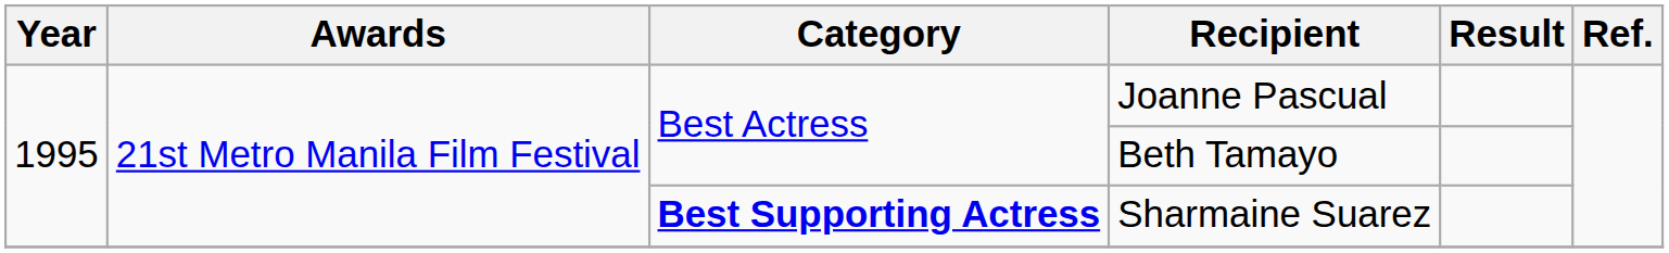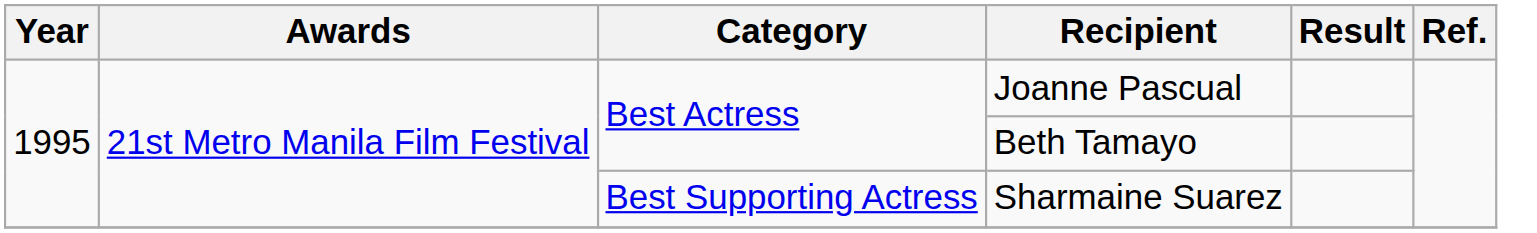 <table class="wikitable">
 <tr>
 <th>Year</th>
 <th>Awards</th>
 <th>Category</th>
 <th>Recipient</th>
 <th>Result</th>
 <th>Ref.</th>
 </tr>
 <tr>
 <td rowspan="3">1995</td>
 <td rowspan="3"><a href='#'>21st Metro Manila Film Festival</a></td>
 <td rowspan="2"><a href='#'>Best Actress</a></td>
 <td>Joanne Pascual</td>
 <td></td>
 <td rowspan="3"></td>
 </tr>
 <tr>
 <td>Beth Tamayo</td>
 <td></td>
 </tr>
 <tr>
-<td><strong><a href='#'>Best Supporting Actress</a></strong></td>
+<td><a href='#'>Best Supporting Actress</a></td>
 <td>Sharmaine Suarez</td>
 <td></td>
 </tr>
 <tr>
 </tr>
 </table>
